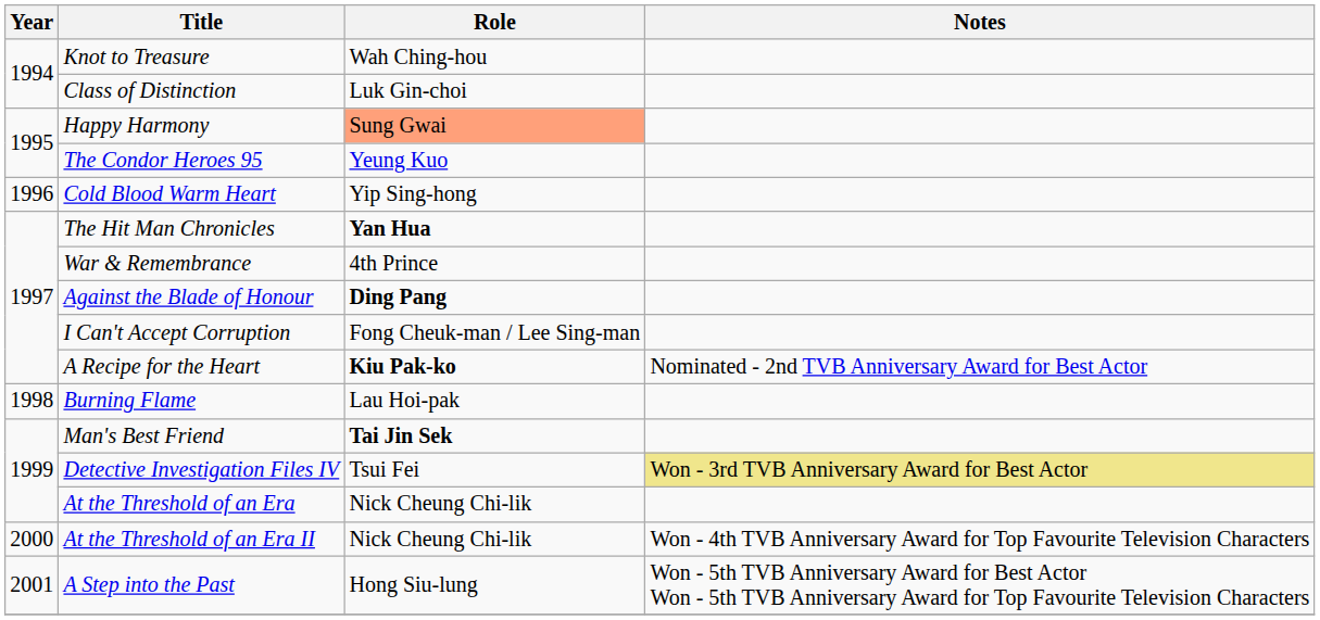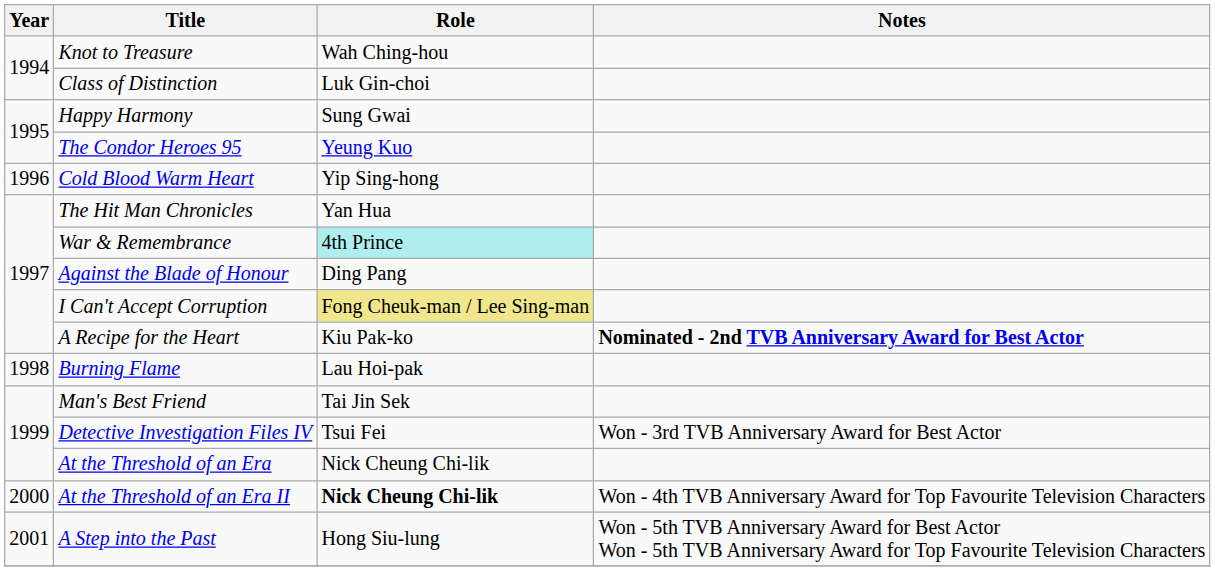 <table class="wikitable sortable">
 <tr>
 <th>Year</th>
 <th>Title</th>
 <th>Role</th>
 <th class="unsortable">Notes</th>
 </tr>
 <tr>
 <td rowspan=2>1994</td>
 <td><em>Knot to Treasure</em></td>
 <td>Wah Ching-hou</td>
 <td></td>
 </tr>
 <tr>
 <td><em>Class of Distinction</em></td>
 <td>Luk Gin-choi</td>
 <td></td>
 </tr>
 <tr>
 <td rowspan=2>1995</td>
 <td><em>Happy Harmony</em></td>
-<td style="background: lightsalmon;">Sung Gwai</td>
+<td>Sung Gwai</td>
 <td></td>
 </tr>
 <tr>
 <td><em><a href='#'>The Condor Heroes 95</a></em></td>
 <td><a href='#'>Yeung Kuo</a></td>
 <td></td>
 </tr>
 <tr>
 <td>1996</td>
 <td><em><a href='#'>Cold Blood Warm Heart</a></em></td>
 <td>Yip Sing-hong</td>
 <td></td>
 </tr>
 <tr>
 <td rowspan=5>1997</td>
 <td><em>The Hit Man Chronicles</em></td>
-<td><strong>Yan Hua</strong></td>
+<td>Yan Hua</td>
 <td></td>
 </tr>
 <tr>
 <td><em>War & Remembrance</em></td>
-<td>4th Prince</td>
+<td style="background: paleturquoise;">4th Prince</td>
 <td></td>
 </tr>
 <tr>
 <td><em><a href='#'>Against the Blade of Honour</a></em></td>
-<td><strong>Ding Pang</strong></td>
+<td>Ding Pang</td>
 <td></td>
 </tr>
 <tr>
 <td><em>I Can't Accept Corruption</em></td>
-<td>Fong Cheuk-man / Lee Sing-man</td>
+<td style="background: khaki;">Fong Cheuk-man / Lee Sing-man</td>
 <td></td>
 </tr>
 <tr>
 <td><em>A Recipe for the Heart</em></td>
-<td><strong>Kiu Pak-ko</strong></td>
-<td>Nominated - 2nd <a href='#'>TVB Anniversary Award for Best Actor</a></td>
+<td>Kiu Pak-ko</td>
+<td><strong>Nominated - 2nd <a href='#'>TVB Anniversary Award for Best Actor</a></strong></td>
 </tr>
 <tr>
 <td>1998</td>
 <td><em><a href='#'>Burning Flame</a></em></td>
 <td>Lau Hoi-pak</td>
 <td></td>
 </tr>
 <tr>
 <td rowspan=3>1999</td>
 <td><em>Man's Best Friend</em></td>
-<td><strong>Tai Jin Sek</strong></td>
+<td>Tai Jin Sek</td>
 <td></td>
 </tr>
 <tr>
 <td><em><a href='#'>Detective Investigation Files IV</a></em></td>
 <td>Tsui Fei</td>
-<td style="background: khaki;">Won - 3rd TVB Anniversary Award for Best Actor</td>
+<td>Won - 3rd TVB Anniversary Award for Best Actor</td>
 </tr>
 <tr>
 <td><em><a href='#'>At the Threshold of an Era</a></em></td>
 <td>Nick Cheung Chi-lik</td>
 <td></td>
 </tr>
 <tr>
 <td>2000</td>
 <td><em><a href='#'>At the Threshold of an Era II</a></em></td>
-<td>Nick Cheung Chi-lik</td>
+<td><strong>Nick Cheung Chi-lik</strong></td>
 <td>Won - 4th TVB Anniversary Award for Top Favourite Television Characters</td>
 </tr>
 <tr>
 <td>2001</td>
 <td><em><a href='#'>A Step into the Past</a></em></td>
 <td>Hong Siu-lung</td>
 <td>Won - 5th TVB Anniversary Award for Best Actor<br>Won - 5th TVB Anniversary Award for Top Favourite Television Characters</td>
 </tr>
 <tr>
 </tr>
 </table>
